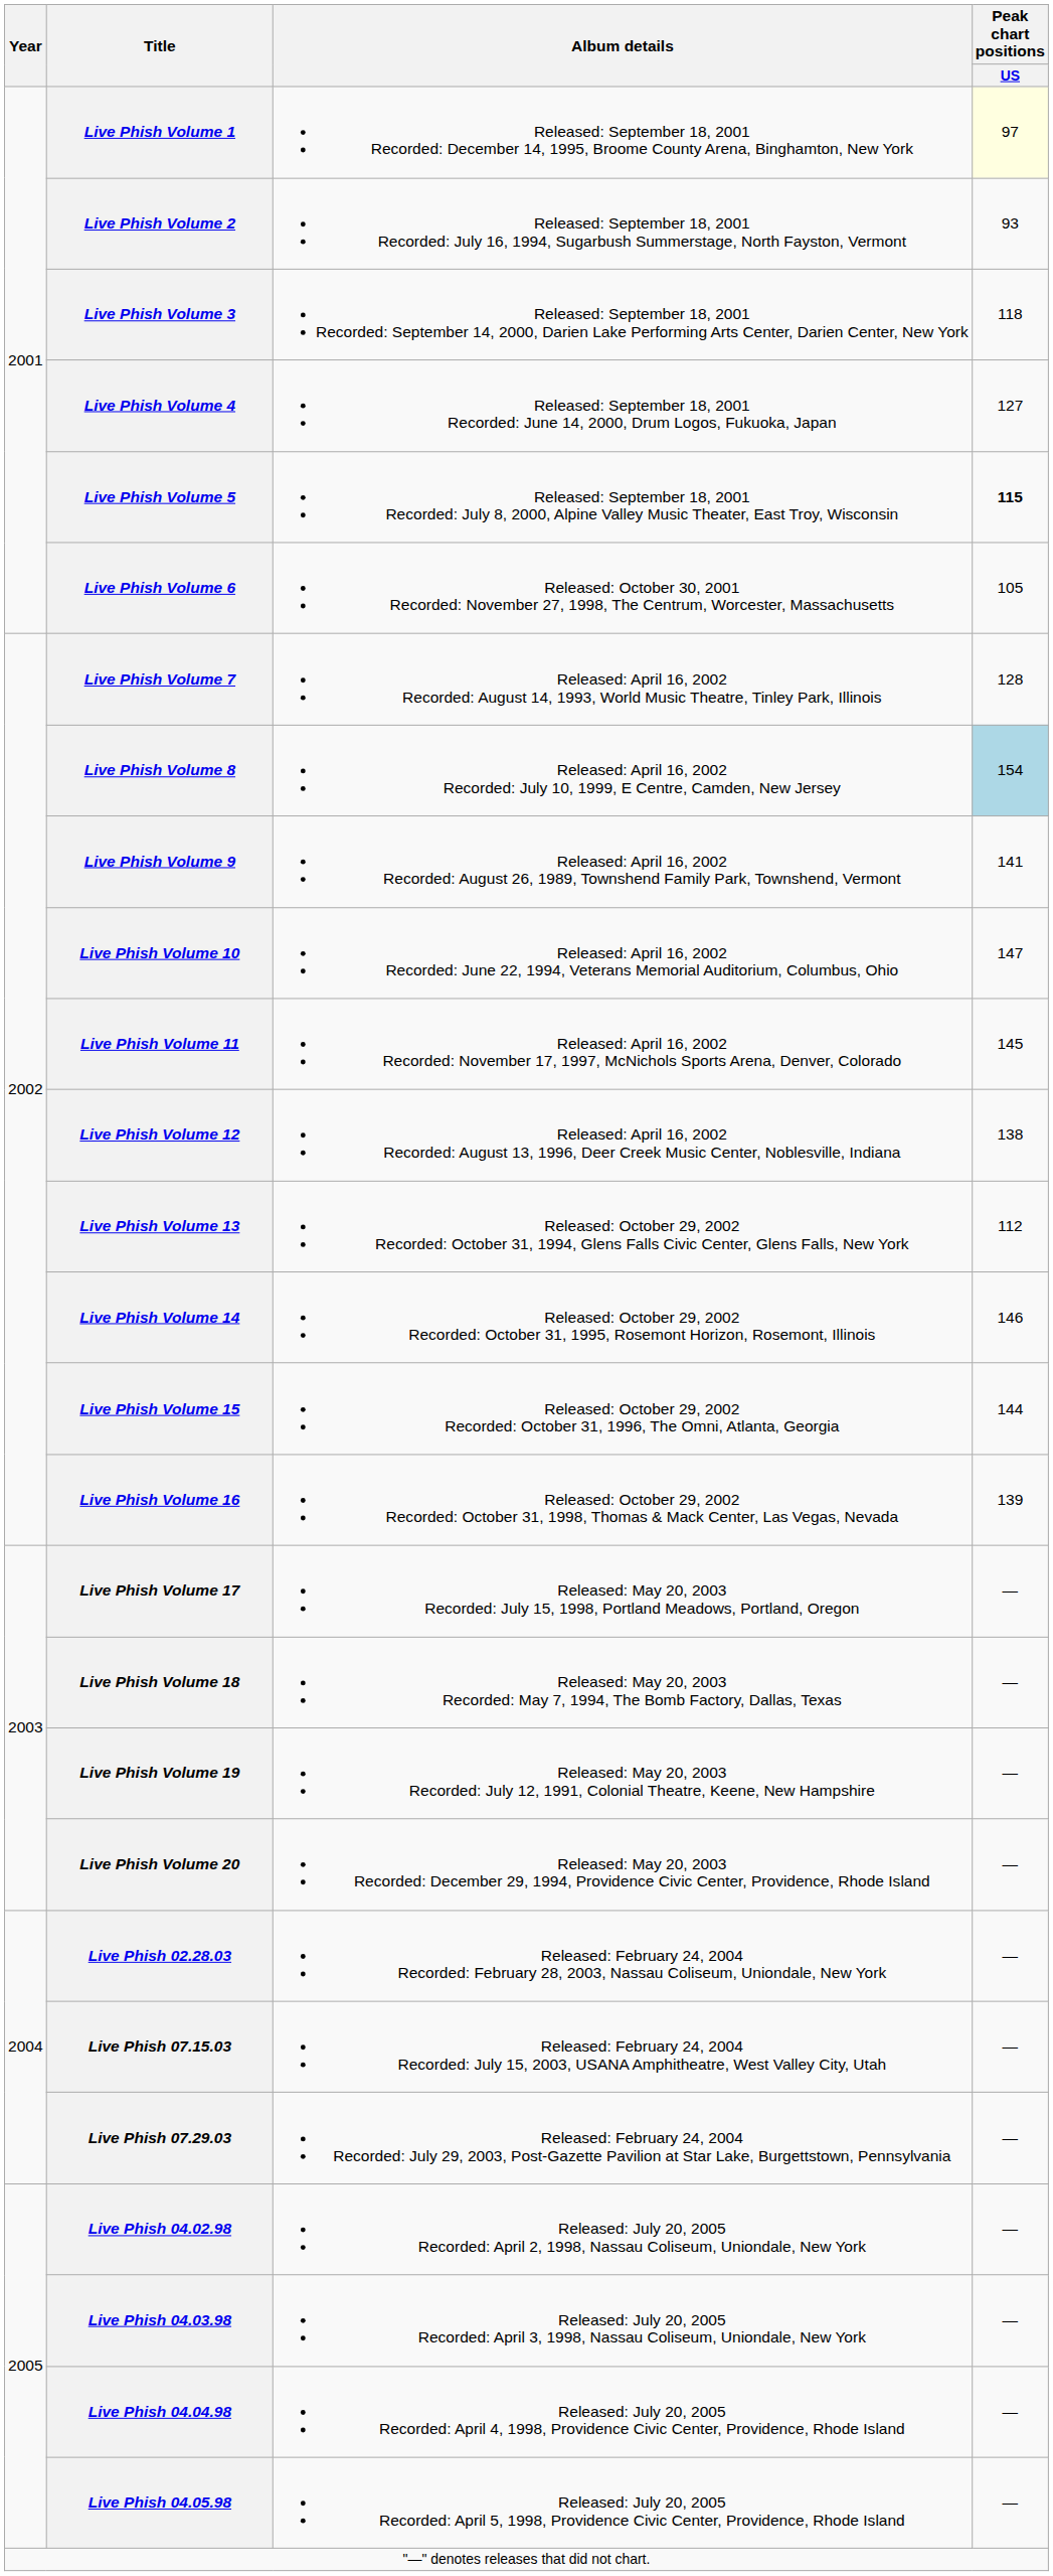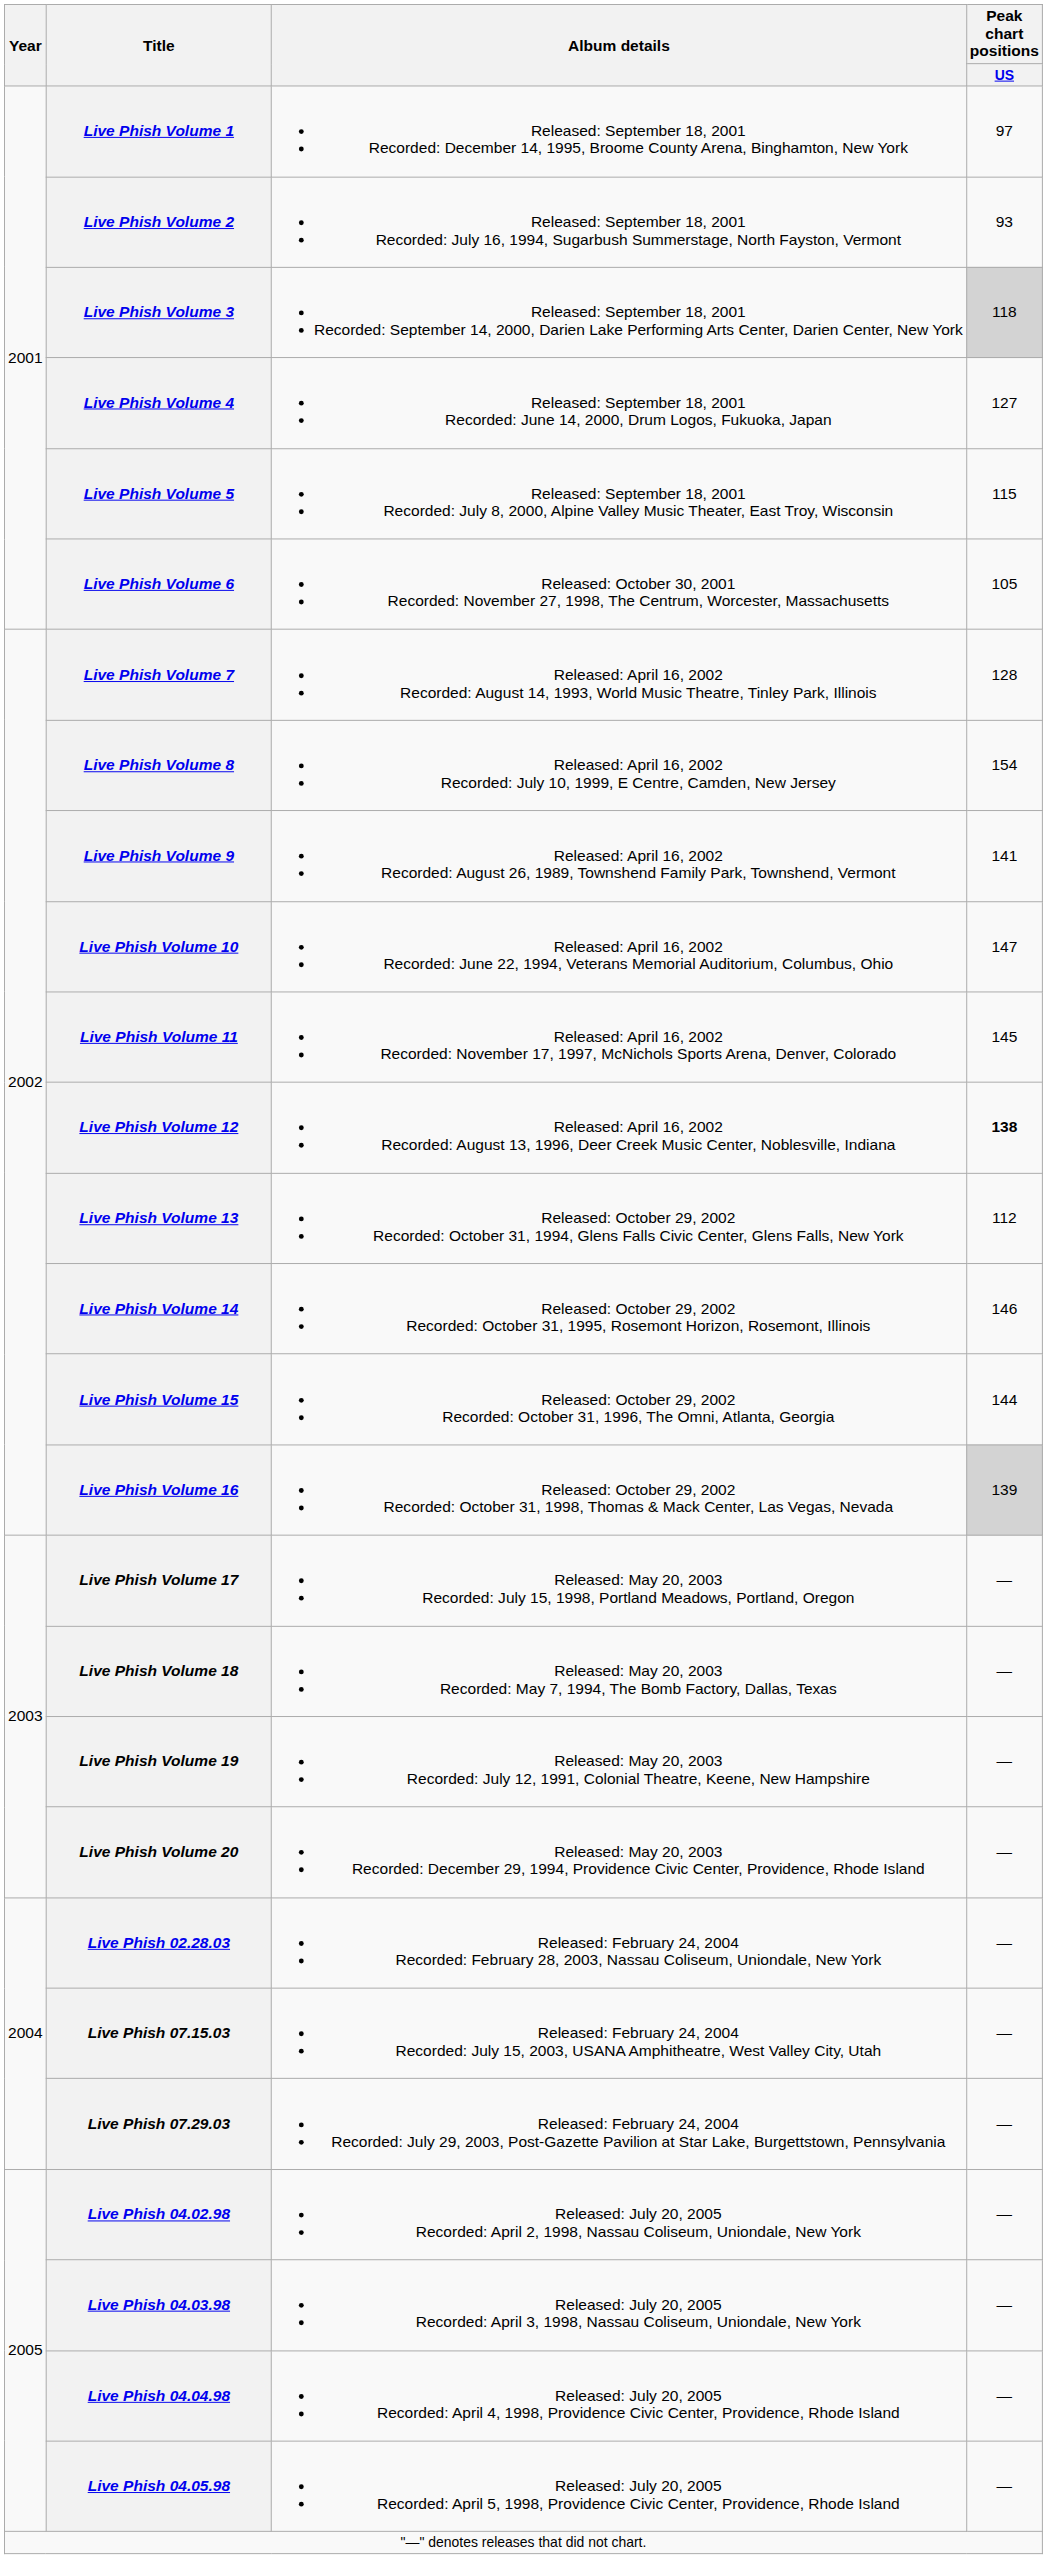 <table class="wikitable plainrowheaders" style="text-align:center;" border="1">
 <tr>
 <th scope="col" rowspan="2">Year</th>
 <th scope="col" rowspan="2" width=225>Title</th>
 <th scope="col" rowspan="2">Album details</th>
 <th scope="col" colspan="1">Peak chart positions</th>
 </tr>
 <tr>
 <th style="width:2.2em;font-size:90%;"><a href='#'>US</a><br></th>
 </tr>
 <tr>
 <td rowspan=6>2001</td>
 <th scope="row"><em><a href='#'>Live Phish Volume 1</a></em></th>
 <td><br><ul><li>Released: September 18, 2001</li><li>Recorded: December 14, 1995, Broome County Arena, Binghamton, New York</li></ul></td>
-<td style="background: lightyellow;">97</td>
+<td>97</td>
 </tr>
 <tr>
 <th scope="row"><em><a href='#'>Live Phish Volume 2</a></em></th>
 <td><br><ul><li>Released: September 18, 2001</li><li>Recorded: July 16, 1994, Sugarbush Summerstage, North Fayston, Vermont</li></ul></td>
 <td>93</td>
 </tr>
 <tr>
 <th scope="row"><em><a href='#'>Live Phish Volume 3</a></em></th>
 <td><br><ul><li>Released: September 18, 2001</li><li>Recorded: September 14, 2000, Darien Lake Performing Arts Center, Darien Center, New York</li></ul></td>
-<td>118</td>
+<td style="background: lightgrey;">118</td>
 </tr>
 <tr>
 <th scope="row"><em><a href='#'>Live Phish Volume 4</a></em></th>
 <td><br><ul><li>Released: September 18, 2001</li><li>Recorded: June 14, 2000, Drum Logos, Fukuoka, Japan</li></ul></td>
 <td>127</td>
 </tr>
 <tr>
 <th scope="row"><em><a href='#'>Live Phish Volume 5</a></em></th>
 <td><br><ul><li>Released: September 18, 2001</li><li>Recorded: July 8, 2000, Alpine Valley Music Theater, East Troy, Wisconsin</li></ul></td>
-<td><strong>115</strong></td>
+<td>115</td>
 </tr>
 <tr>
 <th scope="row"><em><a href='#'>Live Phish Volume 6</a></em></th>
 <td><br><ul><li>Released: October 30, 2001</li><li>Recorded: November 27, 1998, The Centrum, Worcester, Massachusetts</li></ul></td>
 <td>105</td>
 </tr>
 <tr>
 <td rowspan=10>2002</td>
 <th scope="row"><em><a href='#'>Live Phish Volume 7</a></em></th>
 <td><br><ul><li>Released: April 16, 2002</li><li>Recorded: August 14, 1993, World Music Theatre, Tinley Park, Illinois</li></ul></td>
 <td>128</td>
 </tr>
 <tr>
 <th scope="row"><em><a href='#'>Live Phish Volume 8</a></em></th>
 <td><br><ul><li>Released: April 16, 2002</li><li>Recorded: July 10, 1999, E Centre, Camden, New Jersey</li></ul></td>
-<td style="background: lightblue;">154</td>
+<td>154</td>
 </tr>
 <tr>
 <th scope="row"><em><a href='#'>Live Phish Volume 9</a></em></th>
 <td><br><ul><li>Released: April 16, 2002</li><li>Recorded: August 26, 1989, Townshend Family Park, Townshend, Vermont</li></ul></td>
 <td>141</td>
 </tr>
 <tr>
 <th scope="row"><em><a href='#'>Live Phish Volume 10</a></em></th>
 <td><br><ul><li>Released: April 16, 2002</li><li>Recorded: June 22, 1994, Veterans Memorial Auditorium, Columbus, Ohio</li></ul></td>
 <td>147</td>
 </tr>
 <tr>
 <th scope="row"><em><a href='#'>Live Phish Volume 11</a></em></th>
 <td><br><ul><li>Released: April 16, 2002</li><li>Recorded: November 17, 1997, McNichols Sports Arena, Denver, Colorado</li></ul></td>
 <td>145</td>
 </tr>
 <tr>
 <th scope="row"><em><a href='#'>Live Phish Volume 12</a></em></th>
 <td><br><ul><li>Released: April 16, 2002</li><li>Recorded: August 13, 1996, Deer Creek Music Center, Noblesville, Indiana</li></ul></td>
-<td>138</td>
+<td><strong>138</strong></td>
 </tr>
 <tr>
 <th scope="row"><em><a href='#'>Live Phish Volume 13</a></em></th>
 <td><br><ul><li>Released: October 29, 2002</li><li>Recorded: October 31, 1994, Glens Falls Civic Center, Glens Falls, New York</li></ul></td>
 <td>112</td>
 </tr>
 <tr>
 <th scope="row"><em><a href='#'>Live Phish Volume 14</a></em></th>
 <td><br><ul><li>Released: October 29, 2002</li><li>Recorded: October 31, 1995, Rosemont Horizon, Rosemont, Illinois</li></ul></td>
 <td>146</td>
 </tr>
 <tr>
 <th scope="row"><em><a href='#'>Live Phish Volume 15</a></em></th>
 <td><br><ul><li>Released: October 29, 2002</li><li>Recorded: October 31, 1996, The Omni, Atlanta, Georgia</li></ul></td>
 <td>144</td>
 </tr>
 <tr>
 <th scope="row"><em><a href='#'>Live Phish Volume 16</a></em></th>
 <td><br><ul><li>Released: October 29, 2002</li><li>Recorded: October 31, 1998, Thomas & Mack Center, Las Vegas, Nevada</li></ul></td>
-<td>139</td>
+<td style="background: lightgrey;">139</td>
 </tr>
 <tr>
 <td rowspan=4>2003</td>
 <th scope="row"><em>Live Phish Volume 17</em></th>
 <td><br><ul><li>Released: May 20, 2003</li><li>Recorded: July 15, 1998, Portland Meadows, Portland, Oregon</li></ul></td>
 <td>—</td>
 </tr>
 <tr>
 <th scope="row"><em>Live Phish Volume 18</em></th>
 <td><br><ul><li>Released: May 20, 2003</li><li>Recorded: May 7, 1994, The Bomb Factory, Dallas, Texas</li></ul></td>
 <td>—</td>
 </tr>
 <tr>
 <th scope="row"><em>Live Phish Volume 19</em></th>
 <td><br><ul><li>Released: May 20, 2003</li><li>Recorded: July 12, 1991, Colonial Theatre, Keene, New Hampshire</li></ul></td>
 <td>—</td>
 </tr>
 <tr>
 <th scope="row"><em>Live Phish Volume 20</em></th>
 <td><br><ul><li>Released: May 20, 2003</li><li>Recorded: December 29, 1994, Providence Civic Center, Providence, Rhode Island</li></ul></td>
 <td>—</td>
 </tr>
 <tr>
 <td rowspan=3>2004</td>
 <th scope="row"><em><a href='#'>Live Phish 02.28.03</a></em></th>
 <td><br><ul><li>Released: February 24, 2004</li><li>Recorded: February 28, 2003, Nassau Coliseum, Uniondale, New York</li></ul></td>
 <td>—</td>
 </tr>
 <tr>
 <th scope="row"><em>Live Phish 07.15.03</em></th>
 <td><br><ul><li>Released: February 24, 2004</li><li>Recorded: July 15, 2003, USANA Amphitheatre, West Valley City, Utah</li></ul></td>
 <td>—</td>
 </tr>
 <tr>
 <th scope="row"><em>Live Phish 07.29.03</em></th>
 <td><br><ul><li>Released: February 24, 2004</li><li>Recorded: July 29, 2003, Post-Gazette Pavilion at Star Lake, Burgettstown, Pennsylvania</li></ul></td>
 <td>—</td>
 </tr>
 <tr>
 <td rowspan=4>2005</td>
 <th scope="row"><em><a href='#'>Live Phish 04.02.98</a></em></th>
 <td><br><ul><li>Released: July 20, 2005</li><li>Recorded: April 2, 1998, Nassau Coliseum, Uniondale, New York</li></ul></td>
 <td>—</td>
 </tr>
 <tr>
 <th scope="row"><em><a href='#'>Live Phish 04.03.98</a></em></th>
 <td><br><ul><li>Released: July 20, 2005</li><li>Recorded: April 3, 1998, Nassau Coliseum, Uniondale, New York</li></ul></td>
 <td>—</td>
 </tr>
 <tr>
 <th scope="row"><em><a href='#'>Live Phish 04.04.98</a></em></th>
 <td><br><ul><li>Released: July 20, 2005</li><li>Recorded: April 4, 1998, Providence Civic Center, Providence, Rhode Island</li></ul></td>
 <td>—</td>
 </tr>
 <tr>
 <th scope="row"><em><a href='#'>Live Phish 04.05.98</a></em></th>
 <td><br><ul><li>Released: July 20, 2005</li><li>Recorded: April 5, 1998, Providence Civic Center, Providence, Rhode Island</li></ul></td>
 <td>—</td>
 </tr>
 <tr>
 <td align="center" colspan="14" style="font-size:90%">"—" denotes releases that did not chart.</td>
 </tr>
 </table>
